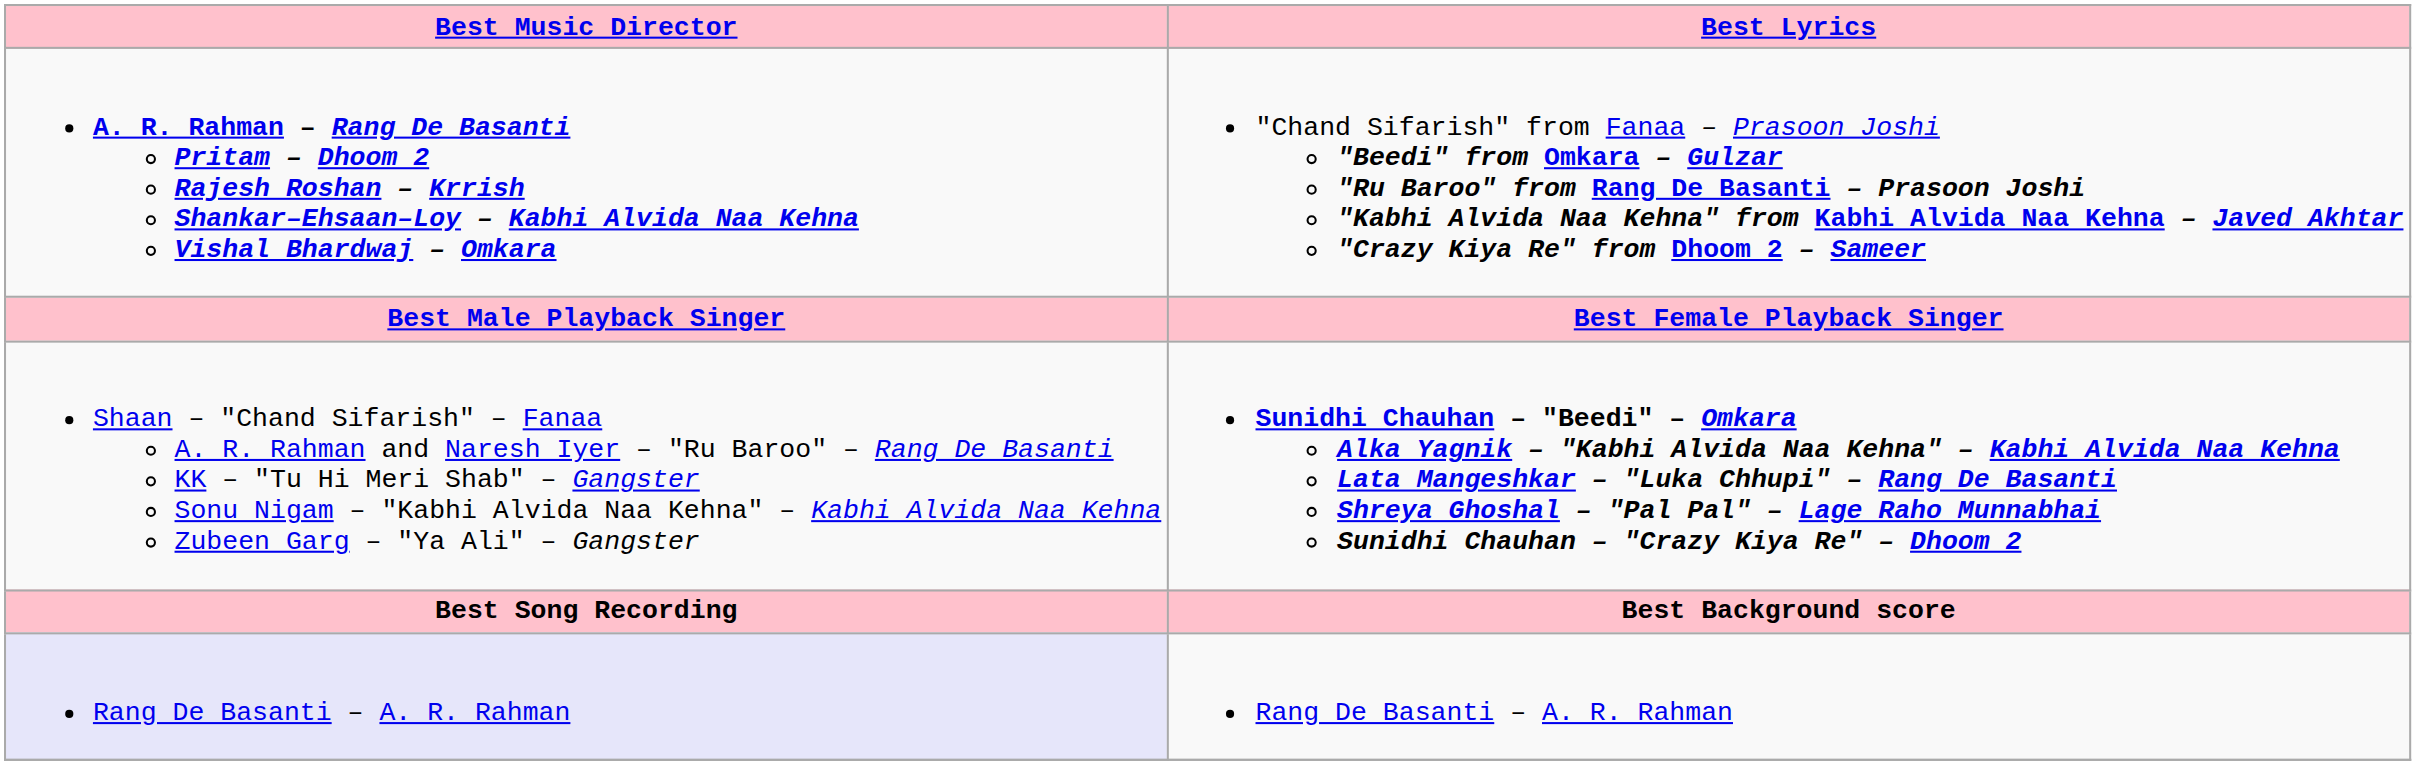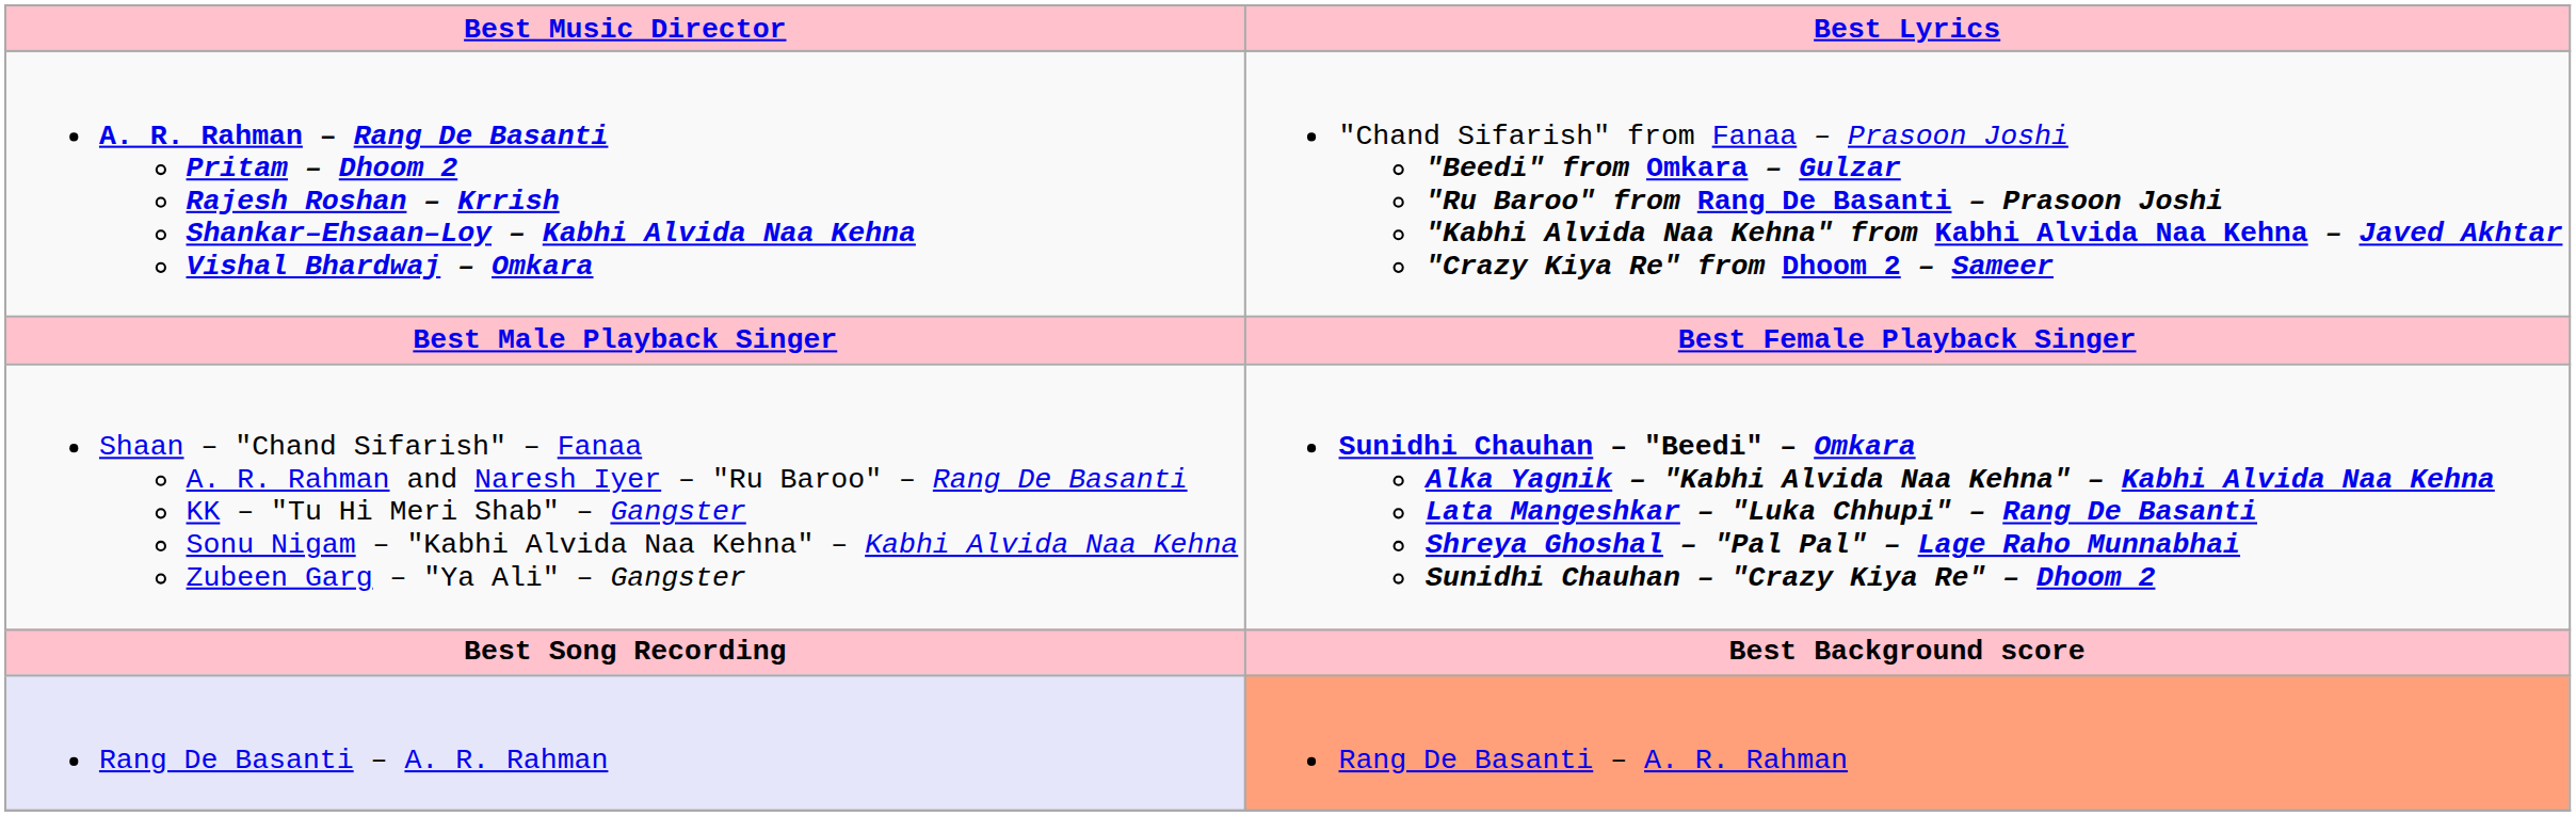 <table class=wikitable style="width=150%">
 <tr>
 <th style="background:#FFC1CC;" ! style="width=50%"><a href='#'>Best Music Director</a></th>
 <th style="background:#FFC1CC;" ! style="width=50%"><a href='#'>Best Lyrics</a></th>
 </tr>
 <tr>
 <td valign="top"><br><ul><li><strong><a href='#'>A. R. Rahman</a> – <em><a href='#'>Rang De Basanti</a><strong><em><ul><li><a href='#'>Pritam</a> – </em><a href='#'>Dhoom 2</a><em></li><li><a href='#'>Rajesh Roshan</a> – </em><a href='#'>Krrish</a><em></li><li><a href='#'>Shankar–Ehsaan–Loy</a> – </em><a href='#'>Kabhi Alvida Naa Kehna</a><em></li><li><a href='#'>Vishal Bhardwaj</a> – </em><a href='#'>Omkara</a><em></li></ul></li></ul></td>
 <td valign="top"><br><ul><li></strong>"Chand Sifarish" from </em><a href='#'>Fanaa</a><em> – <a href='#'>Prasoon Joshi</a><strong><ul><li>"Beedi" from </em><a href='#'>Omkara</a><em> – <a href='#'>Gulzar</a></li><li>"Ru Baroo" from </em><a href='#'>Rang De Basanti</a><em> – Prasoon Joshi</li><li>"Kabhi Alvida Naa Kehna" from </em><a href='#'>Kabhi Alvida Naa Kehna</a><em> – <a href='#'>Javed Akhtar</a></li><li>"Crazy Kiya Re" from </em><a href='#'>Dhoom 2</a><em> – <a href='#'>Sameer</a></li></ul></li></ul></td>
 </tr>
 <tr>
 <th style="background:#FFC1CC;" ! style="width=50%"><a href='#'>Best Male Playback Singer</a></th>
 <th style="background:#FFC1CC;" ! style="width=50%"><a href='#'>Best Female Playback Singer</a></th>
 </tr>
 <tr>
 <td valign="top"><br><ul><li></strong><a href='#'>Shaan</a> – "Chand Sifarish" – </em><a href='#'>Fanaa</a></em></strong><ul><li><a href='#'>A. R. Rahman</a> and <a href='#'>Naresh Iyer</a> – "Ru Baroo" – <em><a href='#'>Rang De Basanti</a></em></li><li><a href='#'>KK</a> – "Tu Hi Meri Shab" – <em><a href='#'>Gangster</a></em></li><li><a href='#'>Sonu Nigam</a> – "Kabhi Alvida Naa Kehna" – <em><a href='#'>Kabhi Alvida Naa Kehna</a></em></li><li><a href='#'>Zubeen Garg</a> – "Ya Ali" – <em>Gangster</em></li></ul></li></ul></td>
 <td valign="top"><br><ul><li><strong><a href='#'>Sunidhi Chauhan</a> – "Beedi" – <em><a href='#'>Omkara</a><strong><em><ul><li><a href='#'>Alka Yagnik</a> – "Kabhi Alvida Naa Kehna" – </em><a href='#'>Kabhi Alvida Naa Kehna</a><em></li><li><a href='#'>Lata Mangeshkar</a> – "Luka Chhupi" – </em><a href='#'>Rang De Basanti</a><em></li><li><a href='#'>Shreya Ghoshal</a> – "Pal Pal" – </em><a href='#'>Lage Raho Munnabhai</a><em></li><li>Sunidhi Chauhan – "Crazy Kiya Re" – </em><a href='#'>Dhoom 2</a><em></li></ul></li></ul></td>
 </tr>
 <tr>
 <th style="background:#FFC1CC;" ! style="width=50%">Best Song Recording</th>
 <th style="background:#FFC1CC;" ! style="width=50%">Best Background score</th>
 </tr>
 <tr>
 <td valign="top" style="background: lavender;"><br><ul><li></strong><a href='#'>Rang De Basanti</a> – <a href='#'>A. R. Rahman</a><strong></li></ul></td>
-<td valign="top"><br><ul><li></strong><a href='#'>Rang De Basanti</a> – <a href='#'>A. R. Rahman</a><strong></li></ul></td>
+<td valign="top" style="background: lightsalmon;"><br><ul><li></strong><a href='#'>Rang De Basanti</a> – <a href='#'>A. R. Rahman</a><strong></li></ul></td>
 </tr>
 <tr>
 </tr>
 </table>
